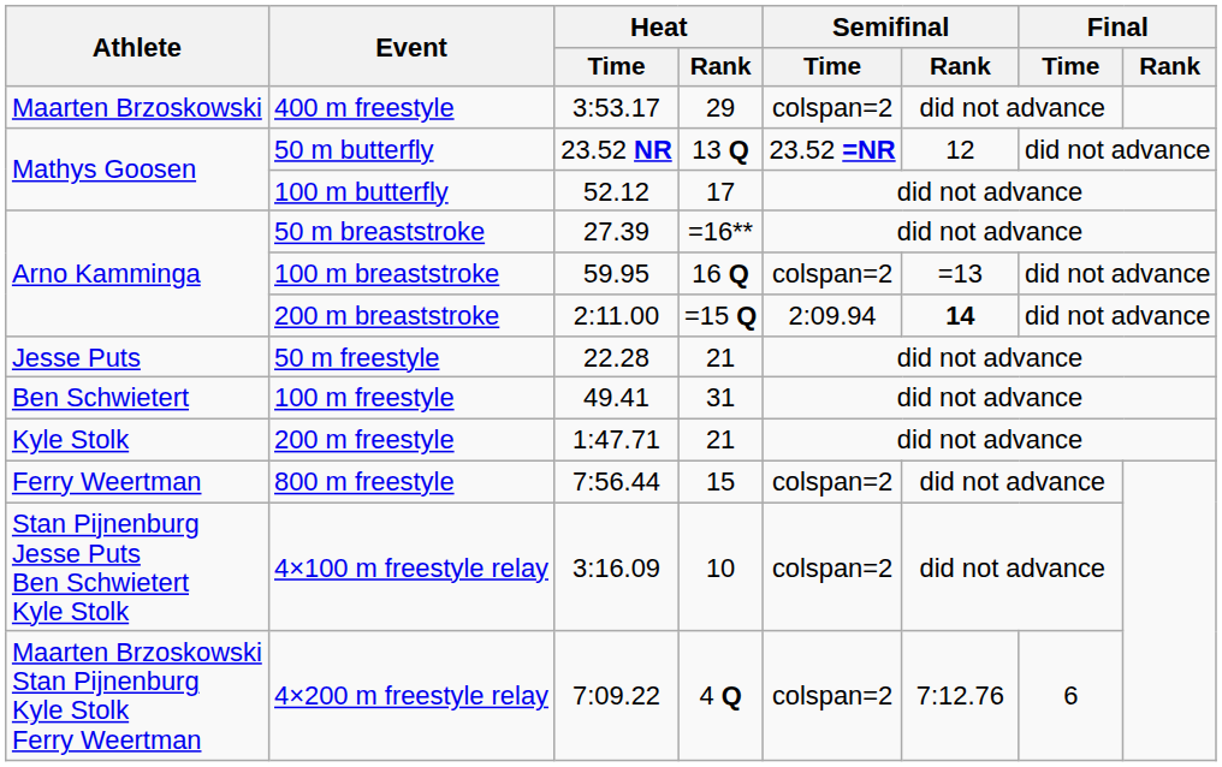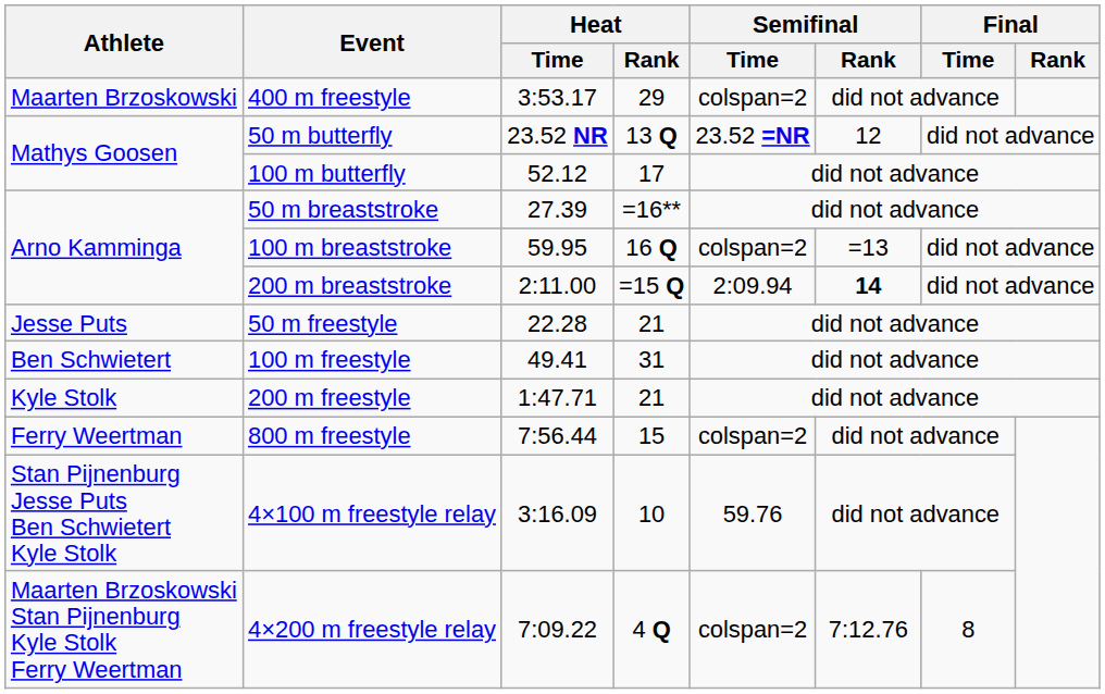 <table class=wikitable style="font-size:90%">
 <tr>
 <th rowspan="2">Athlete</th>
 <th rowspan="2">Event</th>
 <th colspan="2">Heat</th>
 <th colspan="2">Semifinal</th>
 <th colspan="2">Final</th>
 </tr>
 <tr style="font-size:95%">
 <th>Time</th>
 <th>Rank</th>
 <th>Time</th>
 <th>Rank</th>
 <th>Time</th>
 <th>Rank</th>
 </tr>
 <tr align=center>
 <td align=left><a href='#'>Maarten Brzoskowski</a></td>
 <td align=left><a href='#'>400 m freestyle</a></td>
 <td>3:53.17</td>
 <td>29</td>
 <td>colspan=2 </td>
 <td colspan=2>did not advance</td>
 </tr>
 <tr align=center>
 <td align=left rowspan=2><a href='#'>Mathys Goosen</a></td>
 <td align=left><a href='#'>50 m butterfly</a></td>
 <td>23.52 <strong><a href='#'>NR</a></strong></td>
 <td>13 <strong>Q</strong></td>
 <td>23.52  <strong><a href='#'>=NR</a></strong></td>
 <td>12</td>
 <td colspan=2>did not advance</td>
 </tr>
 <tr align=center>
 <td align=left><a href='#'>100 m butterfly</a></td>
 <td>52.12</td>
 <td>17</td>
 <td colspan=4>did not advance</td>
 </tr>
 <tr align=center>
 <td align=left rowspan=3><a href='#'>Arno Kamminga</a></td>
 <td align=left><a href='#'>50 m breaststroke</a></td>
 <td>27.39</td>
 <td>=16**</td>
 <td colspan=4>did not advance</td>
 </tr>
 <tr align=center>
 <td align=left><a href='#'>100 m breaststroke</a></td>
 <td>59.95</td>
 <td>16 <strong>Q</strong></td>
 <td>colspan=2 </td>
 <td>=13</td>
 <td colspan=2>did not advance</td>
 </tr>
 <tr align=center>
 <td align=left><a href='#'>200 m breaststroke</a></td>
 <td>2:11.00</td>
 <td>=15 <strong>Q</strong></td>
 <td>2:09.94</td>
 <td><strong>14</strong></td>
 <td colspan=2>did not advance</td>
 </tr>
 <tr align=center>
 <td align=left><a href='#'>Jesse Puts</a></td>
 <td align=left><a href='#'>50 m freestyle</a></td>
 <td>22.28</td>
 <td>21</td>
 <td colspan=4>did not advance</td>
 </tr>
 <tr align=center>
 <td align=left><a href='#'>Ben Schwietert</a></td>
 <td align=left><a href='#'>100 m freestyle</a></td>
 <td>49.41</td>
 <td>31</td>
 <td colspan=4>did not advance</td>
 </tr>
 <tr align=center>
 <td align=left><a href='#'>Kyle Stolk</a></td>
 <td align=left><a href='#'>200 m freestyle</a></td>
 <td>1:47.71</td>
 <td>21</td>
 <td colspan=4>did not advance</td>
 </tr>
 <tr align=center>
 <td align=left><a href='#'>Ferry Weertman</a></td>
 <td align=left><a href='#'>800 m freestyle</a></td>
 <td>7:56.44</td>
 <td>15</td>
 <td>colspan=2 </td>
 <td colspan=2>did not advance</td>
 </tr>
 <tr align=center>
 <td align=left><a href='#'>Stan Pijnenburg</a><br><a href='#'>Jesse Puts</a><br><a href='#'>Ben Schwietert</a><br><a href='#'>Kyle Stolk</a></td>
 <td align=left><a href='#'>4×100 m freestyle relay</a></td>
 <td>3:16.09</td>
 <td>10</td>
-<td>colspan=2 </td>
+<td>59.76</td>
 <td colspan=2>did not advance</td>
 </tr>
 <tr align=center>
 <td align=left><a href='#'>Maarten Brzoskowski</a><br><a href='#'>Stan Pijnenburg</a><br><a href='#'>Kyle Stolk</a><br><a href='#'>Ferry Weertman</a></td>
 <td align=left><a href='#'>4×200 m freestyle relay</a></td>
 <td>7:09.22</td>
 <td>4 <strong>Q</strong></td>
 <td>colspan=2 </td>
 <td>7:12.76</td>
-<td>6</td>
+<td>8</td>
 </tr>
 </table>
